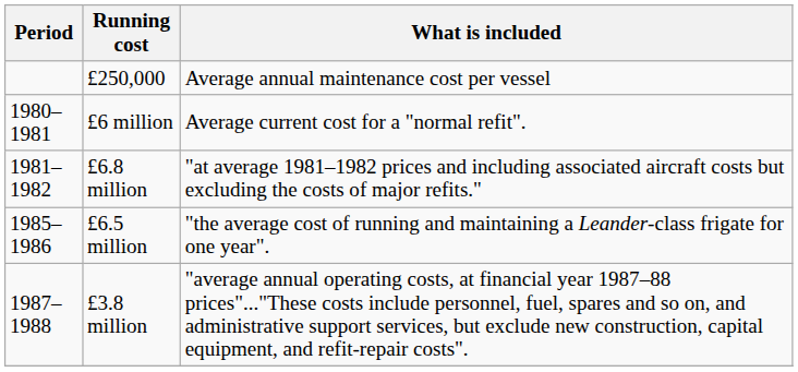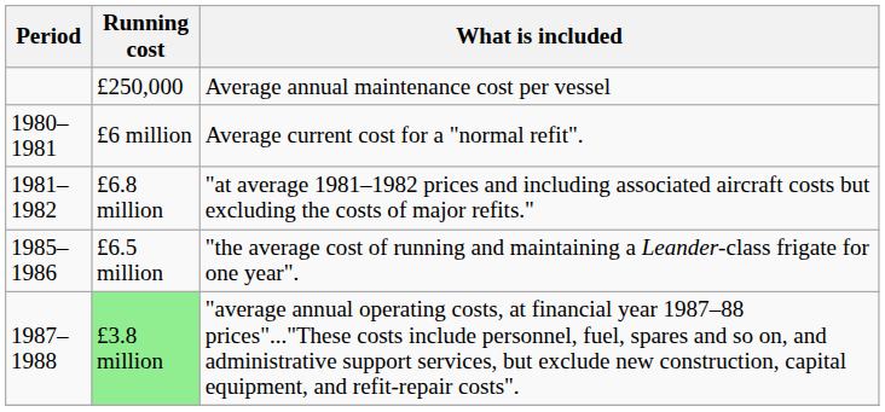 <table class="wikitable">
 <tr>
 <th>Period</th>
 <th>Running cost</th>
 <th>What is included</th>
 </tr>
 <tr>
 <td></td>
 <td>£250,000</td>
 <td>Average annual maintenance cost per vessel</td>
 </tr>
 <tr>
 <td>1980–1981</td>
 <td>£6 million</td>
 <td>Average current cost for a "normal refit".</td>
 </tr>
 <tr>
 <td>1981–1982</td>
 <td>£6.8 million </td>
 <td>"at average 1981–1982 prices and including associated aircraft costs but excluding the costs of major refits."</td>
 </tr>
 <tr>
 <td>1985–1986</td>
 <td>£6.5 million</td>
 <td>"the average cost of running and maintaining a <em>Leander</em>-class frigate for one year".</td>
 </tr>
 <tr>
 <td>1987–1988</td>
-<td>£3.8 million</td>
+<td style="background: lightgreen;">£3.8 million</td>
 <td>"average annual operating costs, at financial year 1987–88 prices"..."These costs include personnel, fuel, spares and so on, and administrative support services, but exclude new construction, capital equipment, and refit-repair costs".</td>
 </tr>
 <tr>
 </tr>
 </table>
